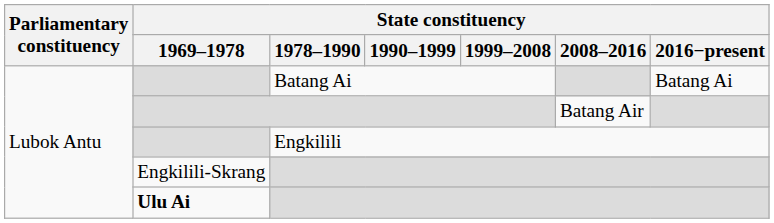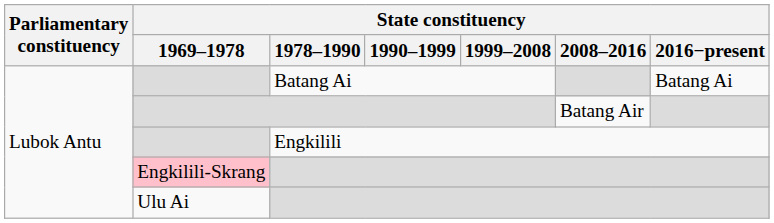 <table class="wikitable">
 <tr>
 <th rowspan="2">Parliamentary<br>constituency</th>
 <th colspan="6">State constituency</th>
 </tr>
 <tr>
 <th>1969–1978</th>
 <th>1978–1990</th>
 <th>1990–1999</th>
 <th>1999–2008</th>
 <th>2008–2016</th>
 <th>2016−present</th>
 </tr>
 <tr>
 <td rowspan="5">Lubok Antu</td>
 <td bgcolor="dcdcdc"></td>
 <td colspan="3">Batang Ai</td>
 <td bgcolor="dcdcdc"></td>
 <td>Batang Ai</td>
 </tr>
 <tr>
 <td colspan="4" bgcolor="dcdcdc"></td>
 <td>Batang Air</td>
 <td bgcolor="dcdcdc"></td>
 </tr>
 <tr>
 <td bgcolor="dcdcdc"></td>
 <td colspan="5">Engkilili</td>
 </tr>
 <tr>
-<td>Engkilili-Skrang</td>
+<td style="background: pink;">Engkilili-Skrang</td>
 <td colspan="5" bgcolor="dcdcdc"></td>
 </tr>
 <tr>
-<td><strong>Ulu Ai</strong></td>
+<td>Ulu Ai</td>
 <td colspan="5" bgcolor="dcdcdc"></td>
 </tr>
 </table>
